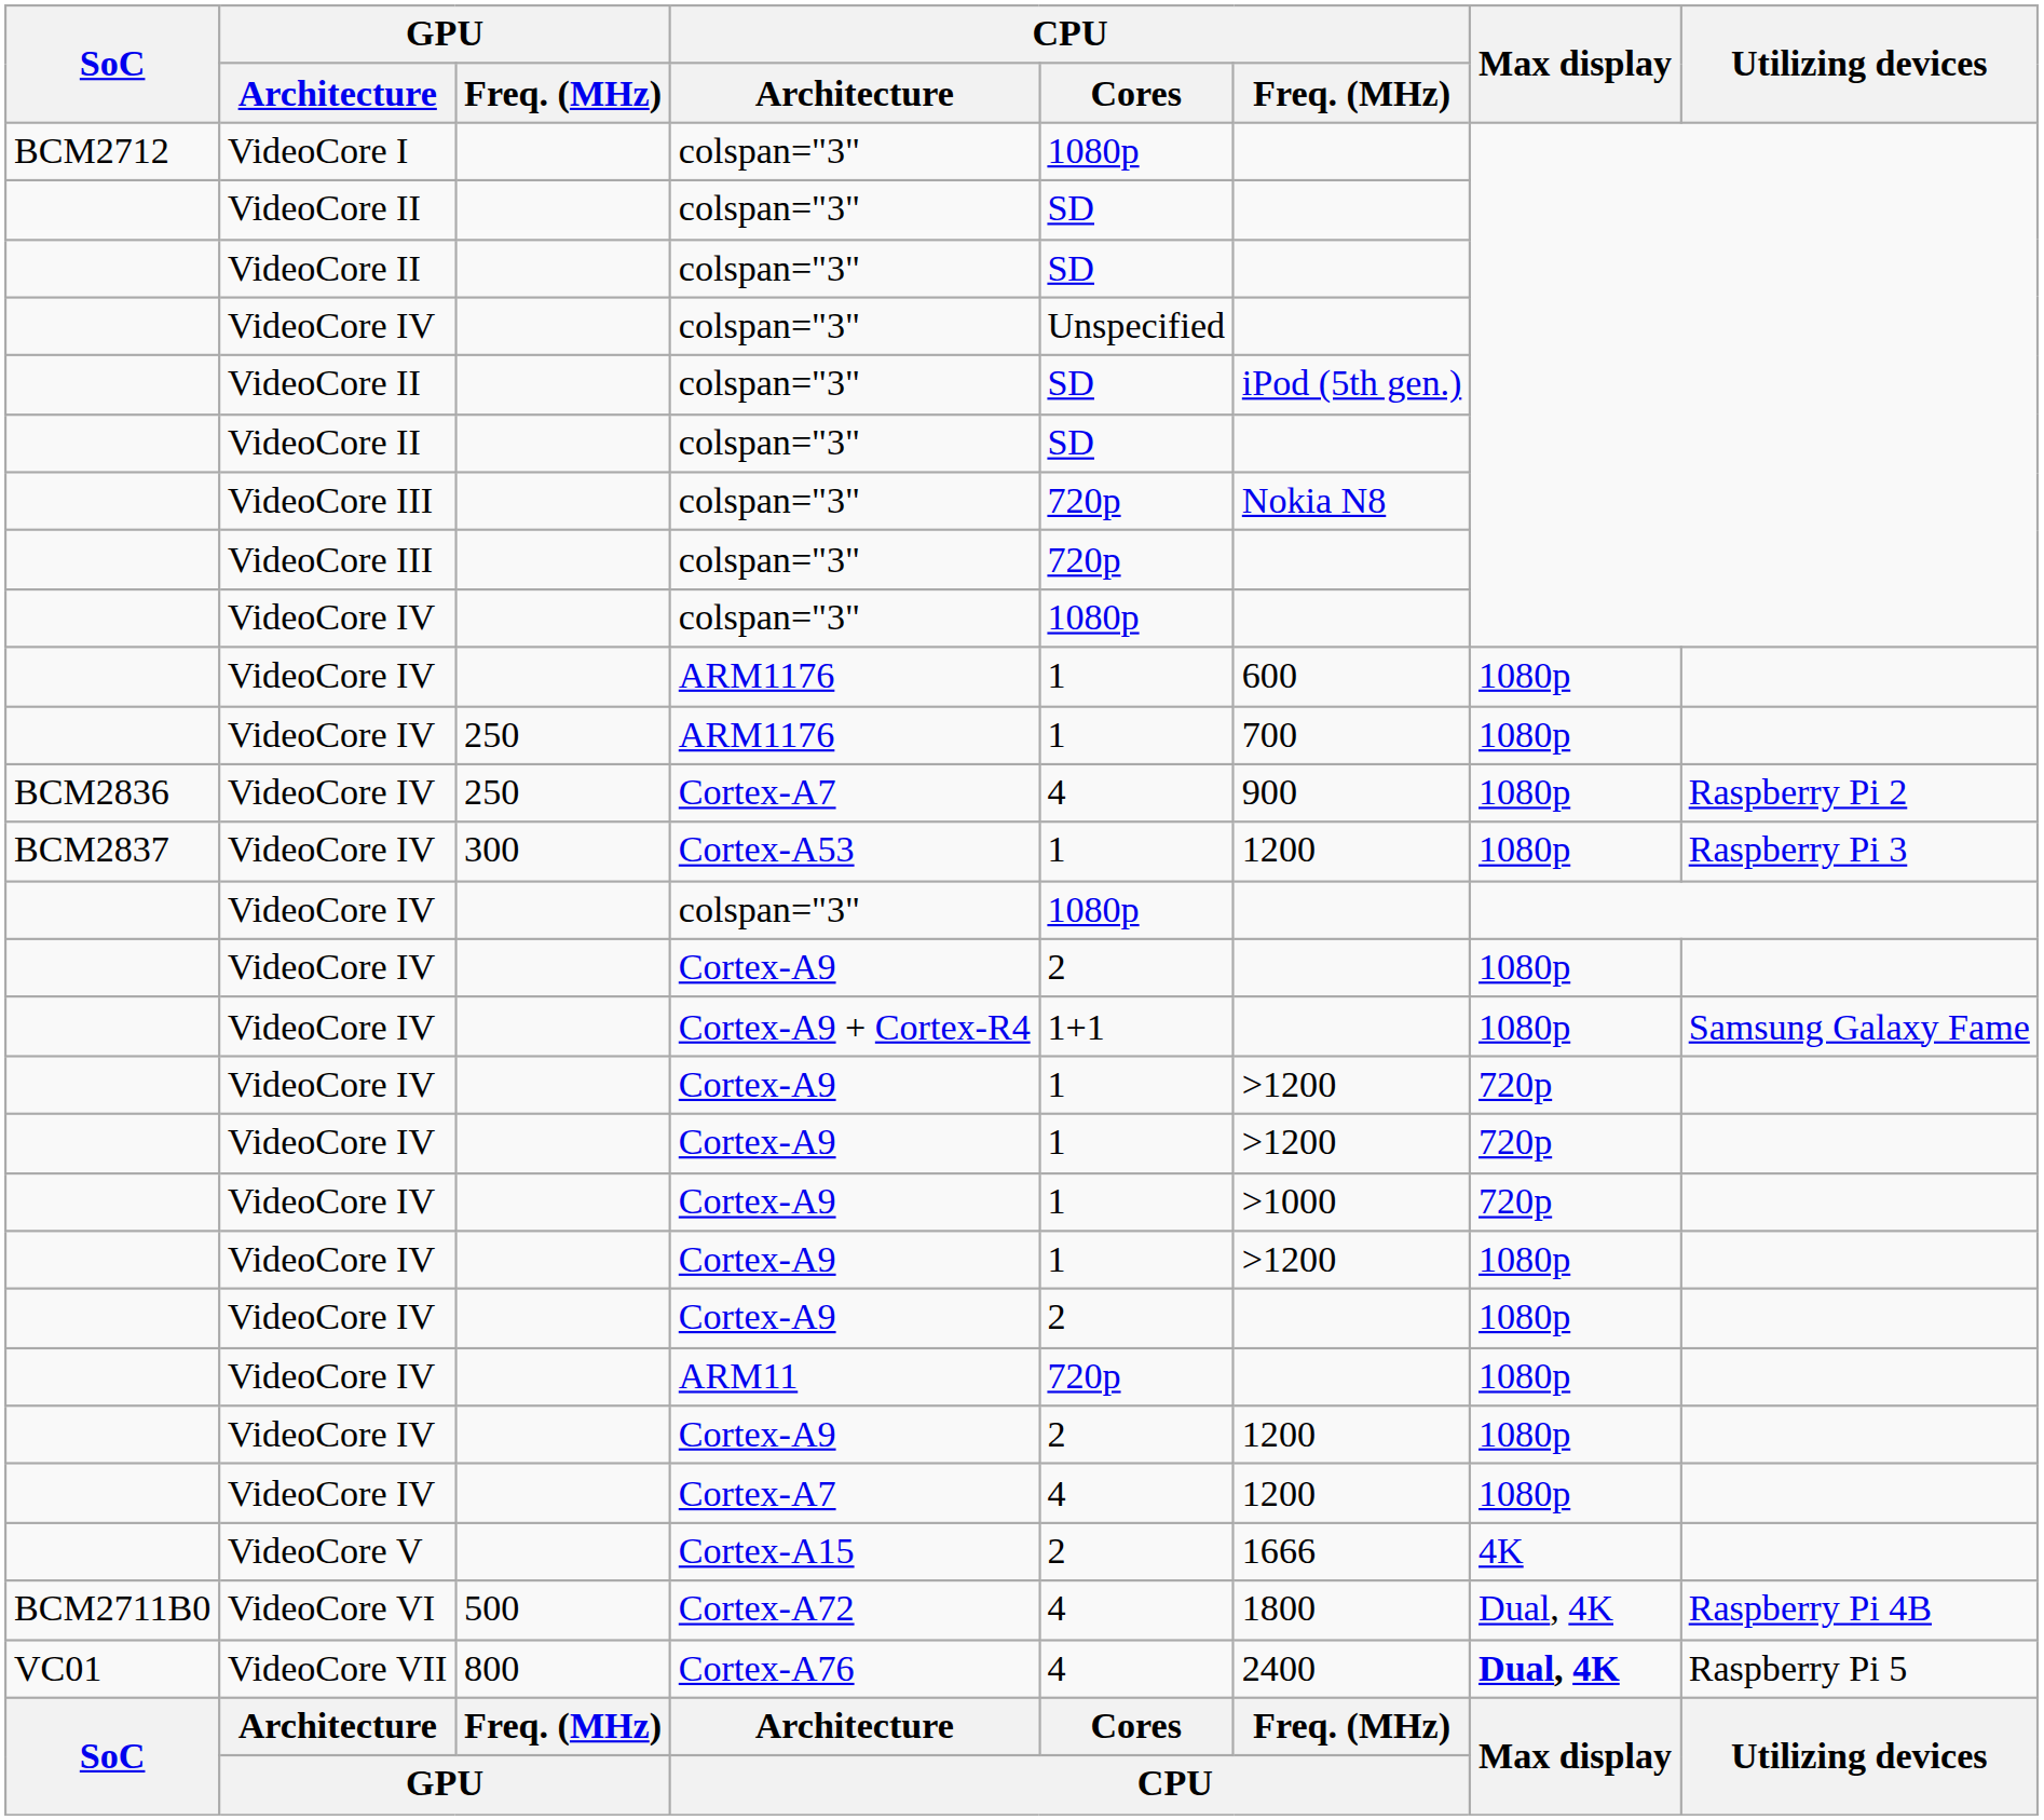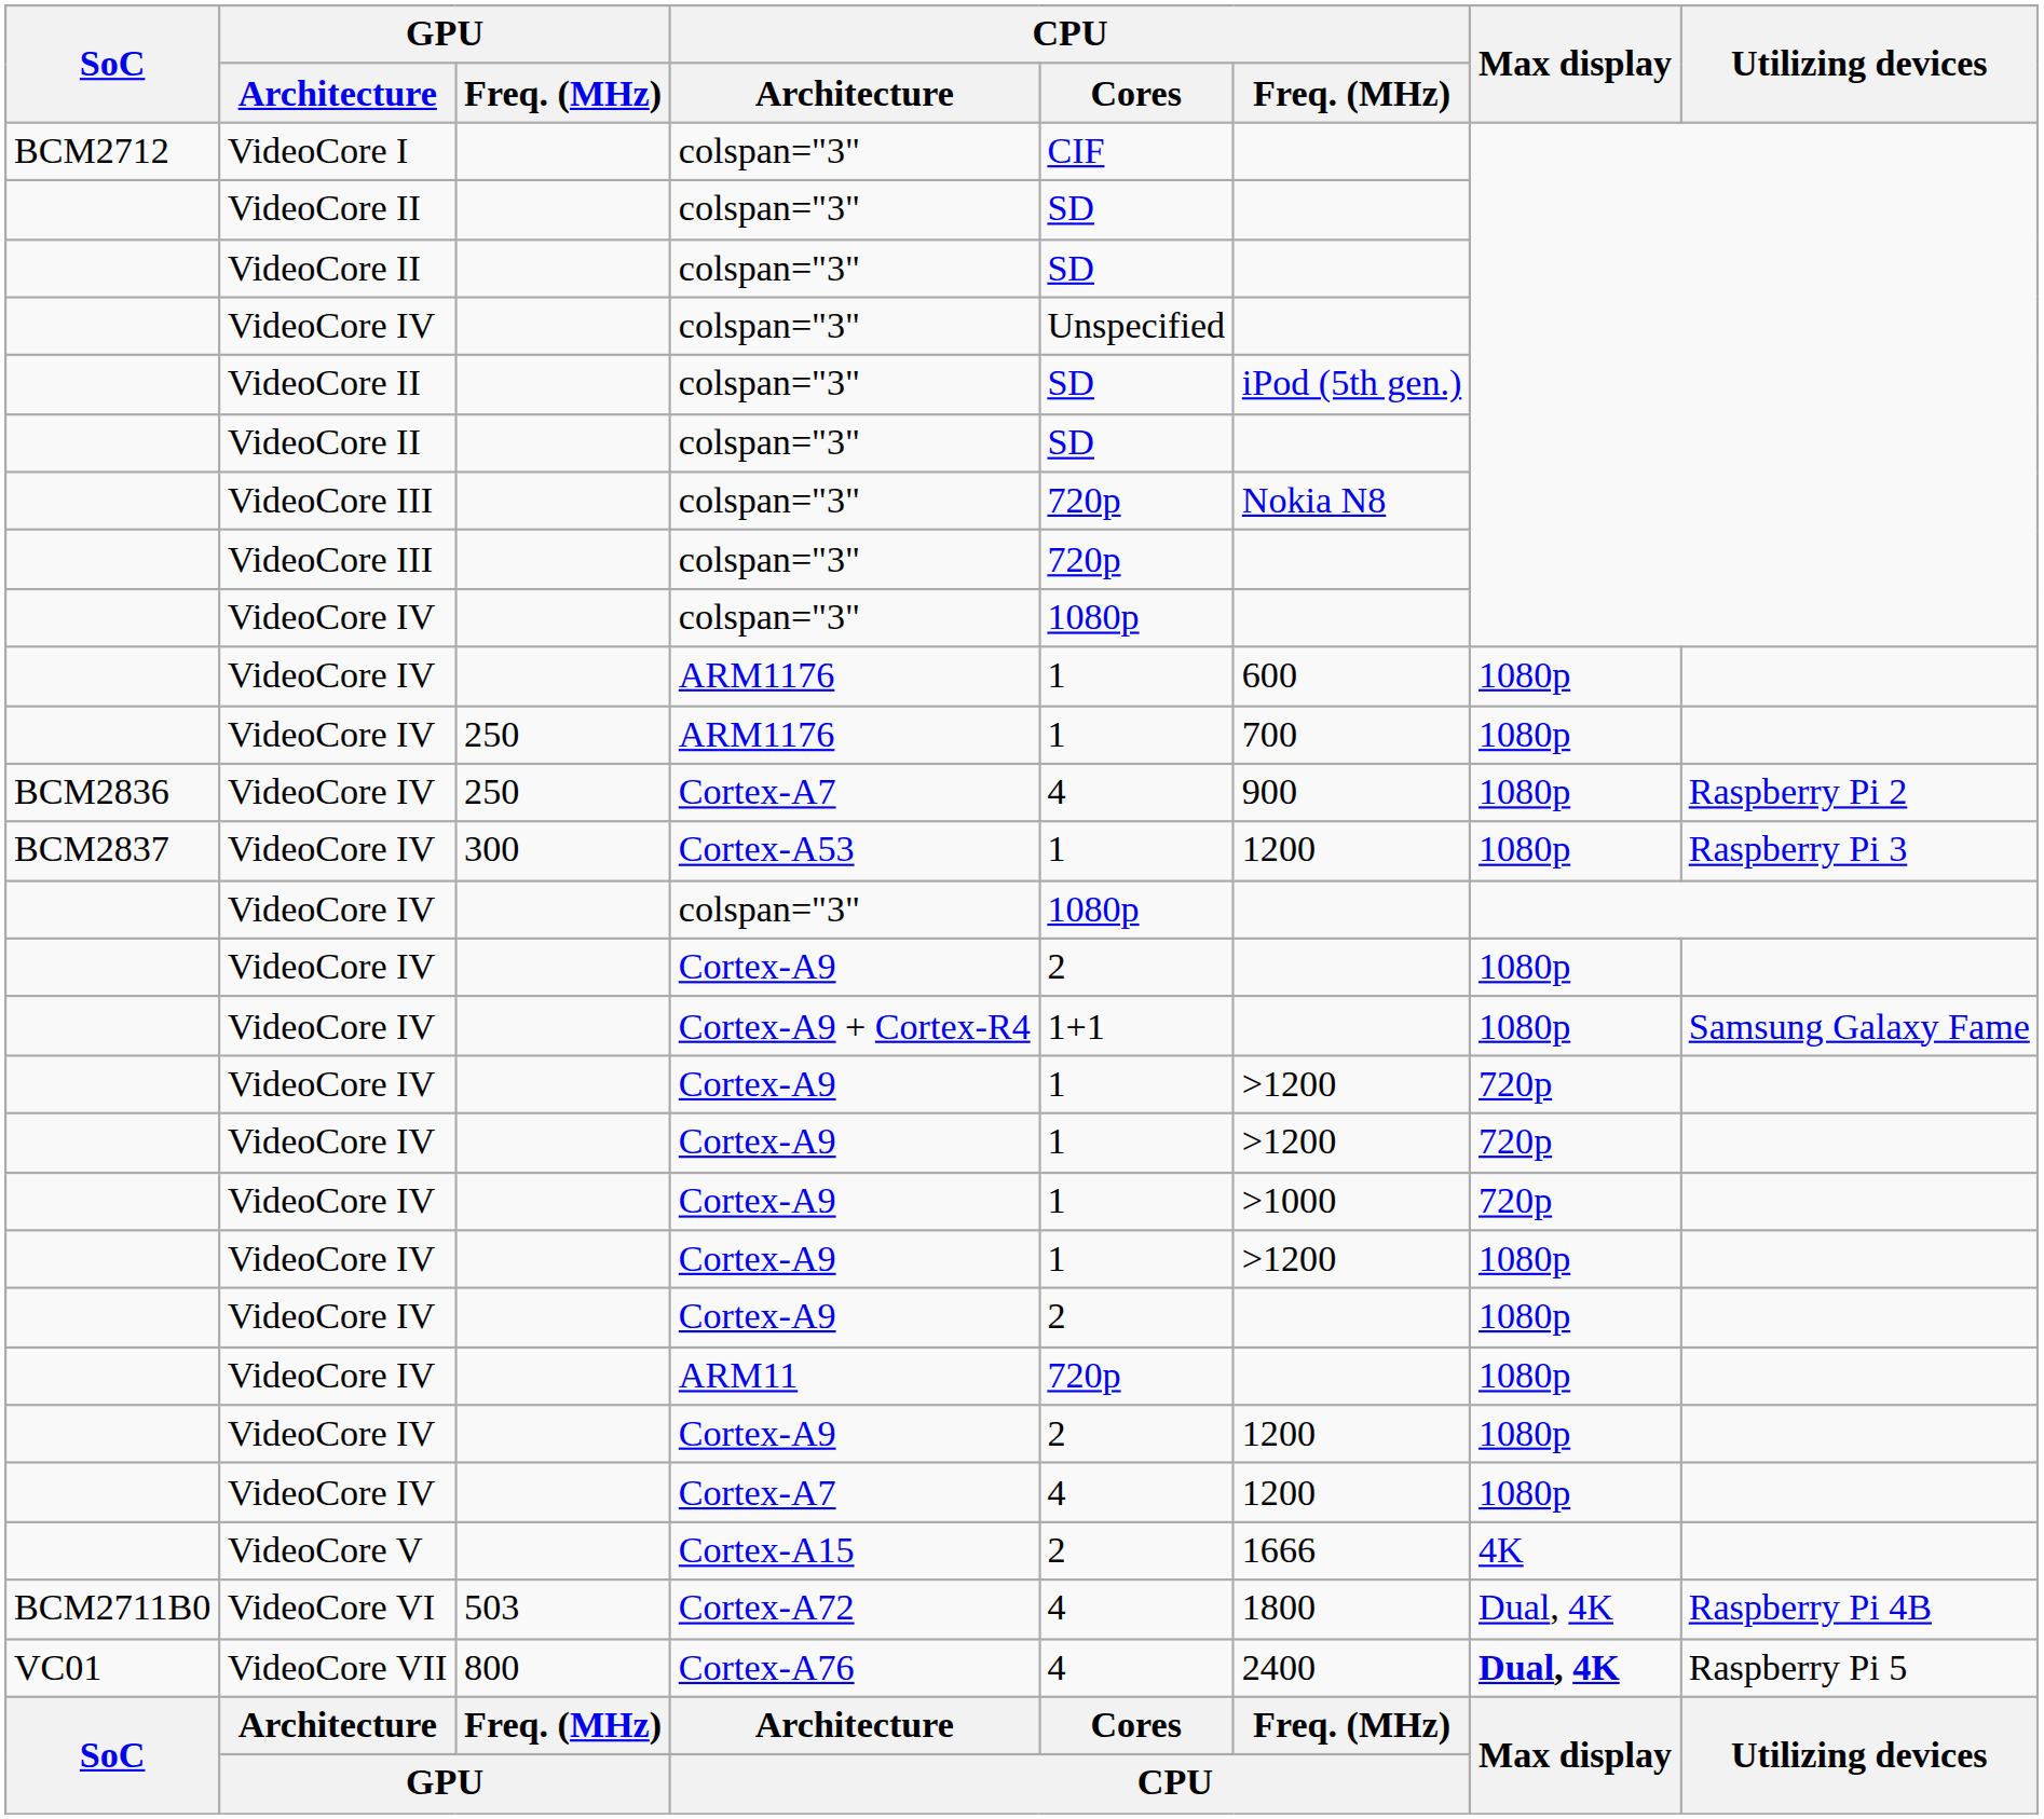 <table class="wikitable">
 <tr>
 <th rowspan="2"><a href='#'>SoC</a></th>
 <th colspan="2">GPU</th>
 <th colspan="3">CPU</th>
 <th rowspan="2">Max display</th>
 <th rowspan="2">Utilizing devices</th>
 </tr>
 <tr>
 <th><a href='#'>Architecture</a></th>
 <th>Freq. (<a href='#'>MHz</a>)</th>
 <th>Architecture</th>
 <th>Cores</th>
 <th>Freq. (MHz)</th>
 </tr>
 <tr>
 <td>BCM2712</td>
 <td>VideoCore I</td>
 <td></td>
 <td>colspan="3" </td>
-<td><a href='#'>1080p</a></td>
+<td><a href='#'>CIF</a></td>
 <td></td>
 </tr>
 <tr>
 <td></td>
 <td>VideoCore II</td>
 <td></td>
 <td>colspan="3" </td>
 <td><a href='#'>SD</a></td>
 <td></td>
 </tr>
 <tr>
 <td></td>
 <td>VideoCore II</td>
 <td></td>
 <td>colspan="3" </td>
 <td><a href='#'>SD</a></td>
 <td></td>
 </tr>
 <tr>
 <td></td>
 <td>VideoCore IV</td>
 <td></td>
 <td>colspan="3" </td>
 <td>Unspecified</td>
 <td></td>
 </tr>
 <tr>
 <td></td>
 <td>VideoCore II</td>
 <td></td>
 <td>colspan="3" </td>
 <td><a href='#'>SD</a></td>
 <td><a href='#'>iPod (5th gen.)</a></td>
 </tr>
 <tr>
 <td></td>
 <td>VideoCore II</td>
 <td></td>
 <td>colspan="3" </td>
 <td><a href='#'>SD</a></td>
 <td></td>
 </tr>
 <tr>
 <td></td>
 <td>VideoCore III</td>
 <td></td>
 <td>colspan="3" </td>
 <td><a href='#'>720p</a></td>
 <td><a href='#'>Nokia N8</a></td>
 </tr>
 <tr>
 <td></td>
 <td>VideoCore III</td>
 <td></td>
 <td>colspan="3" </td>
 <td><a href='#'>720p</a></td>
 <td></td>
 </tr>
 <tr>
 <td></td>
 <td>VideoCore IV</td>
 <td></td>
 <td>colspan="3" </td>
 <td><a href='#'>1080p</a></td>
 <td></td>
 </tr>
 <tr>
 <td></td>
 <td>VideoCore IV</td>
 <td></td>
 <td><a href='#'>ARM1176</a></td>
 <td>1</td>
 <td>600</td>
 <td><a href='#'>1080p</a></td>
 <td></td>
 </tr>
 <tr>
 <td></td>
 <td>VideoCore IV</td>
 <td>250</td>
 <td><a href='#'>ARM1176</a></td>
 <td>1</td>
 <td>700</td>
 <td><a href='#'>1080p</a></td>
 <td></td>
 </tr>
 <tr>
 <td>BCM2836</td>
 <td>VideoCore IV</td>
 <td>250</td>
 <td><a href='#'>Cortex-A7</a></td>
 <td>4</td>
 <td>900</td>
 <td><a href='#'>1080p</a></td>
 <td><a href='#'>Raspberry Pi 2</a></td>
 </tr>
 <tr>
 <td>BCM2837</td>
 <td>VideoCore IV</td>
 <td>300</td>
 <td><a href='#'>Cortex-A53</a></td>
 <td>1</td>
 <td>1200</td>
 <td><a href='#'>1080p</a></td>
 <td><a href='#'>Raspberry Pi 3</a></td>
 </tr>
 <tr>
 <td></td>
 <td>VideoCore IV</td>
 <td></td>
 <td>colspan="3" </td>
 <td><a href='#'>1080p</a></td>
 <td></td>
 </tr>
 <tr>
 <td></td>
 <td>VideoCore IV</td>
 <td></td>
 <td><a href='#'>Cortex-A9</a></td>
 <td>2</td>
 <td></td>
 <td><a href='#'>1080p</a></td>
 <td></td>
 </tr>
 <tr>
 <td></td>
 <td>VideoCore IV</td>
 <td></td>
 <td><a href='#'>Cortex-A9</a> + <a href='#'>Cortex-R4</a></td>
 <td>1+1</td>
 <td></td>
 <td><a href='#'>1080p</a></td>
 <td><a href='#'>Samsung Galaxy Fame</a></td>
 </tr>
 <tr>
 <td></td>
 <td>VideoCore IV</td>
 <td></td>
 <td><a href='#'>Cortex-A9</a></td>
 <td>1</td>
 <td>>1200</td>
 <td><a href='#'>720p</a></td>
 <td></td>
 </tr>
 <tr>
 <td></td>
 <td>VideoCore IV</td>
 <td></td>
 <td><a href='#'>Cortex-A9</a></td>
 <td>1</td>
 <td>>1200</td>
 <td><a href='#'>720p</a></td>
 <td></td>
 </tr>
 <tr>
 <td></td>
 <td>VideoCore IV</td>
 <td></td>
 <td><a href='#'>Cortex-A9</a></td>
 <td>1</td>
 <td>>1000</td>
 <td><a href='#'>720p</a></td>
 <td></td>
 </tr>
 <tr>
 <td></td>
 <td>VideoCore IV</td>
 <td></td>
 <td><a href='#'>Cortex-A9</a></td>
 <td>1</td>
 <td>>1200</td>
 <td><a href='#'>1080p</a></td>
 <td></td>
 </tr>
 <tr>
 <td></td>
 <td>VideoCore IV</td>
 <td></td>
 <td><a href='#'>Cortex-A9</a></td>
 <td>2</td>
 <td></td>
 <td><a href='#'>1080p</a></td>
 <td></td>
 </tr>
 <tr>
 <td></td>
 <td>VideoCore IV</td>
 <td></td>
 <td><a href='#'>ARM11</a></td>
 <td><a href='#'>720p</a></td>
 <td></td>
 <td><a href='#'>1080p</a></td>
 <td></td>
 </tr>
 <tr>
 <td></td>
 <td>VideoCore IV</td>
 <td></td>
 <td><a href='#'>Cortex-A9</a></td>
 <td>2</td>
 <td>1200</td>
 <td><a href='#'>1080p</a></td>
 <td></td>
 </tr>
 <tr>
 <td></td>
 <td>VideoCore IV</td>
 <td></td>
 <td><a href='#'>Cortex-A7</a></td>
 <td>4</td>
 <td>1200</td>
 <td><a href='#'>1080p</a></td>
 <td></td>
 </tr>
 <tr>
 <td></td>
 <td>VideoCore V</td>
 <td></td>
 <td><a href='#'>Cortex-A15</a></td>
 <td>2</td>
 <td>1666</td>
 <td><a href='#'>4K</a></td>
 <td></td>
 </tr>
 <tr>
 <td>BCM2711B0</td>
 <td>VideoCore VI</td>
-<td>500</td>
+<td>503</td>
 <td><a href='#'>Cortex-A72</a></td>
 <td>4</td>
 <td>1800</td>
 <td><a href='#'>Dual</a>, <a href='#'>4K</a></td>
 <td><a href='#'>Raspberry Pi 4B</a></td>
 </tr>
 <tr>
 <td>VC01</td>
 <td>VideoCore VII</td>
 <td>800</td>
 <td><a href='#'>Cortex-A76</a></td>
 <td>4</td>
 <td>2400</td>
 <td><strong><a href='#'>Dual</a>, <a href='#'>4K</a></strong></td>
 <td>Raspberry Pi 5</td>
 </tr>
 <tr>
 <th rowspan="2"><a href='#'>SoC</a></th>
 <th>Architecture</th>
 <th>Freq. (<a href='#'>MHz</a>)</th>
 <th>Architecture</th>
 <th>Cores</th>
 <th>Freq. (MHz)</th>
 <th rowspan="2">Max display</th>
 <th rowspan="2">Utilizing devices</th>
 </tr>
 <tr>
 <th colspan="2">GPU</th>
 <th colspan="4">CPU</th>
 </tr>
 </table>
